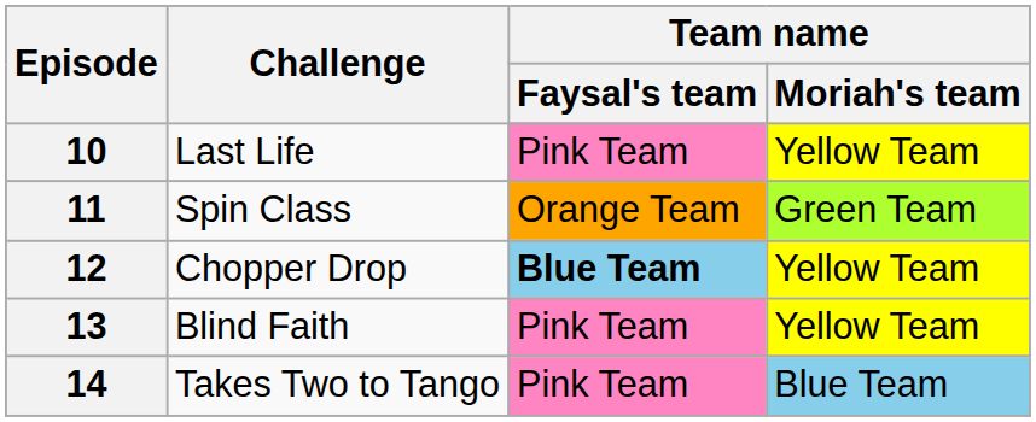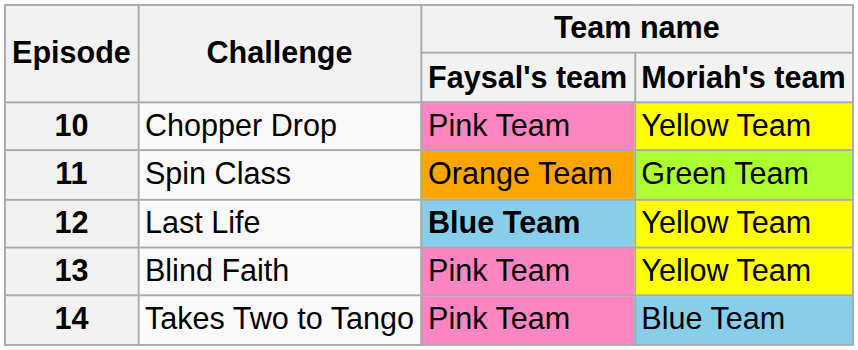 <table class="wikitable" style="font-size:100%; white-space:nowrap">
 <tr>
 <th rowspan=2>Episode</th>
 <th rowspan=2>Challenge</th>
 <th colspan=2>Team name</th>
 </tr>
 <tr>
 <th>Faysal's team</th>
 <th>Moriah's team</th>
 </tr>
 <tr>
 <th>10</th>
-<td>Last Life</td>
+<td>Chopper Drop</td>
 <td bgcolor="#FF85C2">Pink Team</td>
 <td bgcolor="yellow">Yellow Team</td>
 </tr>
 <tr>
 <th>11</th>
 <td>Spin Class</td>
 <td bgcolor="orange">Orange Team</td>
 <td bgcolor="greenyellow">Green Team</td>
 </tr>
 <tr>
 <th>12</th>
-<td>Chopper Drop</td>
+<td>Last Life</td>
 <td bgcolor="skyblue"><strong>Blue Team</strong></td>
 <td bgcolor="yellow">Yellow Team</td>
 </tr>
 <tr>
 <th>13</th>
 <td>Blind Faith</td>
 <td bgcolor="#FF85C2">Pink Team</td>
 <td bgcolor="yellow">Yellow Team</td>
 </tr>
 <tr>
 <th>14</th>
 <td>Takes Two to Tango</td>
 <td bgcolor="#FF85C2">Pink Team</td>
 <td bgcolor="skyblue">Blue Team</td>
 </tr>
 </table>
